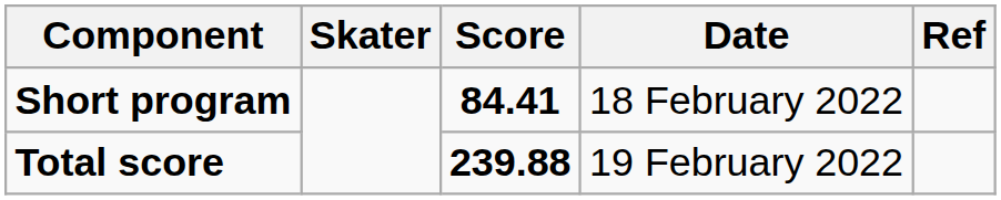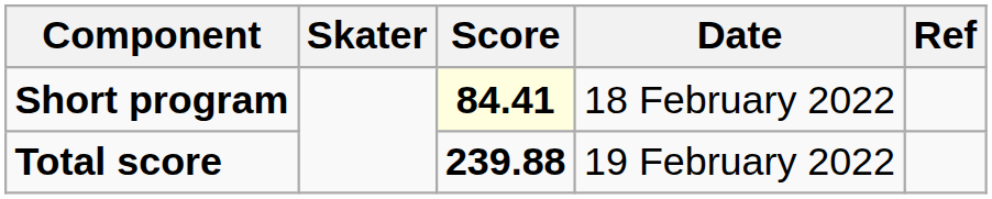 <table class="wikitable">
 <tr>
 <th>Component</th>
 <th>Skater</th>
 <th>Score</th>
 <th>Date</th>
 <th>Ref</th>
 </tr>
 <tr>
 <td><strong>Short program</strong></td>
 <td rowspan=2></td>
-<td align="center"><strong>84.41</strong></td>
+<td align="center" style="background: lightyellow;"><strong>84.41</strong></td>
 <td>18 February 2022</td>
 <td></td>
 </tr>
 <tr>
 <td><strong>Total score</strong></td>
 <td align="center"><strong>239.88</strong></td>
 <td>19 February 2022</td>
 <td></td>
 </tr>
 </table>
